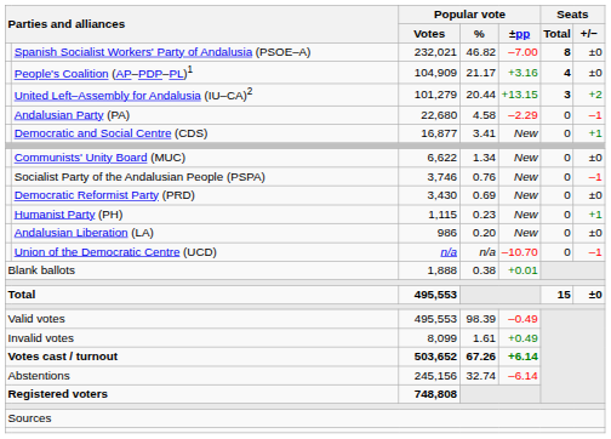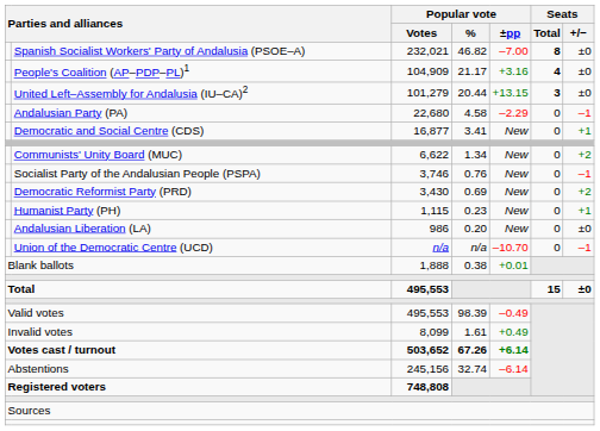 <table class="wikitable" style="text-align:right;">
 <tr>
 <th style="text-align:left;" rowspan="2" colspan="2" width="525">Parties and alliances</th>
 <th colspan="3">Popular vote</th>
 <th colspan="2">Seats</th>
 </tr>
 <tr>
 <th width="75">Votes</th>
 <th width="45">%</th>
 <th width="45">±<a href='#'>pp</a></th>
 <th width="35">Total</th>
 <th width="35">+/−</th>
 </tr>
 <tr>
 <td width="1" style="color:inherit;background:"></td>
 <td align="left"><a href='#'>Spanish Socialist Workers' Party of Andalusia</a> (PSOE–A)</td>
 <td>232,021</td>
 <td>46.82</td>
 <td style="color:red;">–7.00</td>
 <td><strong>8</strong></td>
 <td>±0</td>
 </tr>
 <tr>
 <td style="color:inherit;background:"></td>
 <td align="left"><a href='#'>People's Coalition</a> (<a href='#'>AP</a>–<a href='#'>PDP</a>–<a href='#'>PL</a>)<sup>1</sup></td>
 <td>104,909</td>
 <td>21.17</td>
 <td style="color:green;">+3.16</td>
 <td><strong>4</strong></td>
 <td>±0</td>
 </tr>
 <tr>
 <td style="color:inherit;background:"></td>
 <td align="left"><a href='#'>United Left–Assembly for Andalusia</a> (IU–CA)<sup>2</sup></td>
 <td>101,279</td>
 <td>20.44</td>
 <td style="color:green;">+13.15</td>
 <td><strong>3</strong></td>
-<td style="color:green;">+2</td>
+<td>±0</td>
 </tr>
 <tr>
 <td style="color:inherit;background:"></td>
 <td align="left"><a href='#'>Andalusian Party</a> (PA)</td>
 <td>22,680</td>
 <td>4.58</td>
 <td style="color:red;">–2.29</td>
 <td>0</td>
 <td style="color:red;">–1</td>
 </tr>
 <tr>
 <td style="color:inherit;background:"></td>
 <td align="left"><a href='#'>Democratic and Social Centre</a> (CDS)</td>
 <td>16,877</td>
 <td>3.41</td>
 <td><em>New</em></td>
 <td>0</td>
 <td style="color:green;">+1</td>
 </tr>
 <tr>
 <td colspan="7" bgcolor="#C0C0C0"></td>
 </tr>
 <tr>
 <td style="color:inherit;background:"></td>
 <td align="left"><a href='#'>Communists' Unity Board</a> (MUC)</td>
 <td>6,622</td>
 <td>1.34</td>
 <td><em>New</em></td>
 <td>0</td>
-<td>±0</td>
+<td style="color:green;">+2</td>
 </tr>
 <tr>
 <td style="color:inherit;background:"></td>
 <td align="left">Socialist Party of the Andalusian People (PSPA)</td>
 <td>3,746</td>
 <td>0.76</td>
 <td><em>New</em></td>
 <td>0</td>
 <td style="color:red;">–1</td>
 </tr>
 <tr>
 <td style="color:inherit;background:"></td>
 <td align="left"><a href='#'>Democratic Reformist Party</a> (PRD)</td>
 <td>3,430</td>
 <td>0.69</td>
 <td><em>New</em></td>
 <td>0</td>
-<td>±0</td>
+<td style="color:green;">+2</td>
 </tr>
 <tr>
 <td style="color:inherit;background:"></td>
 <td align="left"><a href='#'>Humanist Party</a> (PH)</td>
 <td>1,115</td>
 <td>0.23</td>
 <td><em>New</em></td>
 <td>0</td>
 <td style="color:green;">+1</td>
 </tr>
 <tr>
 <td style="color:inherit;background:"></td>
 <td align="left"><a href='#'>Andalusian Liberation</a> (LA)</td>
 <td>986</td>
 <td>0.20</td>
 <td><em>New</em></td>
 <td>0</td>
 <td>±0</td>
 </tr>
 <tr>
 <td style="color:inherit;background:"></td>
 <td align="left"><a href='#'>Union of the Democratic Centre</a> (UCD)</td>
 <td><em><a href='#'>n/a</a></em></td>
 <td><em>n/a</em></td>
 <td style="color:red;">–10.70</td>
 <td>0</td>
 <td style="color:red;">–1</td>
 </tr>
 <tr>
 <td align="left" colspan="2">Blank ballots</td>
 <td>1,888</td>
 <td>0.38</td>
 <td style="color:green;">+0.01</td>
 <td bgcolor="#E9E9E9" colspan="2"></td>
 </tr>
 <tr>
 <td colspan="7" bgcolor="#E9E9E9"></td>
 </tr>
 <tr style="font-weight:bold;">
 <td align="left" colspan="2">Total</td>
 <td>495,553</td>
 <td bgcolor="#E9E9E9" colspan="2"></td>
 <td>15</td>
 <td>±0</td>
 </tr>
 <tr>
 <td colspan="7" bgcolor="#E9E9E9"></td>
 </tr>
 <tr>
 <td align="left" colspan="2">Valid votes</td>
 <td>495,553</td>
 <td>98.39</td>
 <td style="color:red;">–0.49</td>
 <td bgcolor="#E9E9E9" colspan="2" rowspan="5"></td>
 </tr>
 <tr>
 <td align="left" colspan="2">Invalid votes</td>
 <td>8,099</td>
 <td>1.61</td>
 <td style="color:green;">+0.49</td>
 </tr>
 <tr style="font-weight:bold;">
 <td align="left" colspan="2">Votes cast / turnout</td>
 <td>503,652</td>
 <td>67.26</td>
 <td style="color:green;">+6.14</td>
 </tr>
 <tr>
 <td align="left" colspan="2">Abstentions</td>
 <td>245,156</td>
 <td>32.74</td>
 <td style="color:red;">–6.14</td>
 </tr>
 <tr style="font-weight:bold;">
 <td align="left" colspan="2">Registered voters</td>
 <td>748,808</td>
 <td bgcolor="#E9E9E9" colspan="2"></td>
 </tr>
 <tr>
 <td colspan="7" bgcolor="#E9E9E9"></td>
 </tr>
 <tr>
 <td align="left" colspan="7">Sources</td>
 </tr>
 <tr>
 <td colspan="7" style="text-align:left; max-width:790px;"></td>
 </tr>
 </table>
